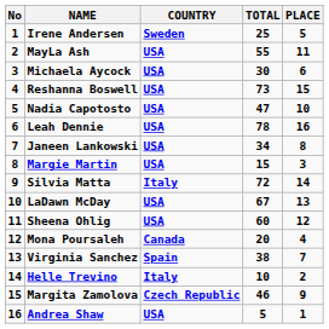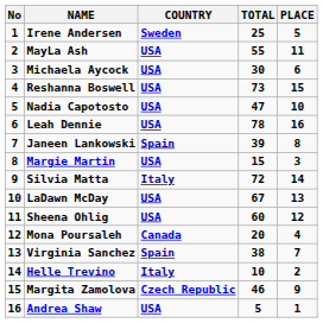 <table class="wikitable">
 <tr>
 <th>No</th>
 <th>NAME</th>
 <th>COUNTRY</th>
 <th>TOTAL</th>
 <th>PLACE</th>
 </tr>
 <tr>
 <td style="text-align: center"><strong>1</strong></td>
 <td><strong>Irene Andersen</strong></td>
 <td> <strong><a href='#'>Sweden</a></strong></td>
 <td style="text-align: center"><strong>25</strong></td>
 <td style="text-align: center"><strong>5</strong></td>
 </tr>
 <tr>
 <td style="text-align: center"><strong>2</strong></td>
 <td><strong>MayLa Ash</strong></td>
 <td> <strong><a href='#'>USA</a></strong></td>
 <td style="text-align: center"><strong>55</strong></td>
 <td style="text-align: center"><strong>11</strong></td>
 </tr>
 <tr>
 <td style="text-align: center"><strong>3</strong></td>
 <td><strong>Michaela Aycock</strong></td>
 <td> <strong><a href='#'>USA</a></strong></td>
 <td style="text-align: center"><strong>30</strong></td>
 <td style="text-align: center"><strong>6</strong></td>
 </tr>
 <tr>
 <td style="text-align: center"><strong>4</strong></td>
 <td><strong>Reshanna Boswell</strong></td>
 <td> <strong><a href='#'>USA</a></strong></td>
 <td style="text-align: center"><strong>73</strong></td>
 <td style="text-align: center"><strong>15</strong></td>
 </tr>
 <tr>
 <td style="text-align: center"><strong>5</strong></td>
 <td><strong>Nadia Capotosto</strong></td>
 <td> <strong><a href='#'>USA</a></strong></td>
 <td style="text-align: center"><strong>47</strong></td>
 <td style="text-align: center"><strong>10</strong></td>
 </tr>
 <tr>
 <td style="text-align: center"><strong>6</strong></td>
 <td><strong>Leah Dennie</strong></td>
 <td> <strong><a href='#'>USA</a></strong></td>
 <td style="text-align: center"><strong>78</strong></td>
 <td style="text-align: center"><strong>16</strong></td>
 </tr>
 <tr>
 <td style="text-align: center"><strong>7</strong></td>
 <td><strong>Janeen Lankowski</strong></td>
-<td> <strong><a href='#'>USA</a></strong></td>
-<td style="text-align: center"><strong>34</strong></td>
+<td> <strong><a href='#'>Spain</a></strong></td>
+<td style="text-align: center"><strong>39</strong></td>
 <td style="text-align: center"><strong>8</strong></td>
 </tr>
 <tr>
 <td style="text-align: center"><strong>8</strong></td>
 <td><strong><a href='#'>Margie Martin</a></strong></td>
 <td> <strong><a href='#'>USA</a></strong></td>
 <td style="text-align: center"><strong>15</strong></td>
 <td style="text-align: center"><strong>3</strong></td>
 </tr>
 <tr>
 <td style="text-align: center"><strong>9</strong></td>
 <td><strong>Silvia Matta</strong></td>
 <td> <strong><a href='#'>Italy</a></strong></td>
 <td style="text-align: center"><strong>72</strong></td>
 <td style="text-align: center"><strong>14</strong></td>
 </tr>
 <tr>
 <td style="text-align: center"><strong>10</strong></td>
 <td><strong>LaDawn McDay</strong></td>
 <td> <strong><a href='#'>USA</a></strong></td>
 <td style="text-align: center"><strong>67</strong></td>
 <td style="text-align: center"><strong>13</strong></td>
 </tr>
 <tr>
 <td style="text-align: center"><strong>11</strong></td>
 <td><strong>Sheena Ohlig</strong></td>
 <td> <strong><a href='#'>USA</a></strong></td>
 <td style="text-align: center"><strong>60</strong></td>
 <td style="text-align: center"><strong>12</strong></td>
 </tr>
 <tr>
 <td style="text-align: center"><strong>12</strong></td>
 <td><strong>Mona Poursaleh</strong></td>
 <td> <strong><a href='#'>Canada</a></strong></td>
 <td style="text-align: center"><strong>20</strong></td>
 <td style="text-align: center"><strong>4</strong></td>
 </tr>
 <tr>
 <td style="text-align: center"><strong>13</strong></td>
 <td><strong>Virginia Sanchez</strong></td>
 <td> <strong><a href='#'>Spain</a></strong></td>
 <td style="text-align: center"><strong>38</strong></td>
 <td style="text-align: center"><strong>7</strong></td>
 </tr>
 <tr>
 <td style="text-align: center"><strong>14</strong></td>
 <td><strong><a href='#'>Helle Trevino</a></strong></td>
 <td> <strong><a href='#'>Italy</a></strong></td>
 <td style="text-align: center"><strong>10</strong></td>
 <td style="text-align: center"><strong>2</strong></td>
 </tr>
 <tr>
 <td style="text-align: center"><strong>15</strong></td>
 <td><strong>Margita Zamolova</strong></td>
 <td> <strong><a href='#'>Czech Republic</a></strong></td>
 <td style="text-align: center"><strong>46</strong></td>
 <td style="text-align: center"><strong>9</strong></td>
 </tr>
 <tr>
 <td style="text-align: center"><strong>16</strong></td>
 <td><strong><a href='#'>Andrea Shaw</a></strong></td>
 <td> <strong><a href='#'>USA</a></strong></td>
 <td style="text-align: center"><strong>5</strong></td>
 <td style="text-align: center"><strong>1</strong></td>
 </tr>
 </table>
